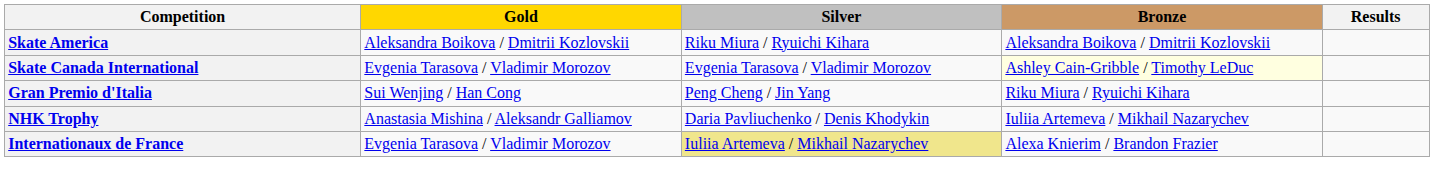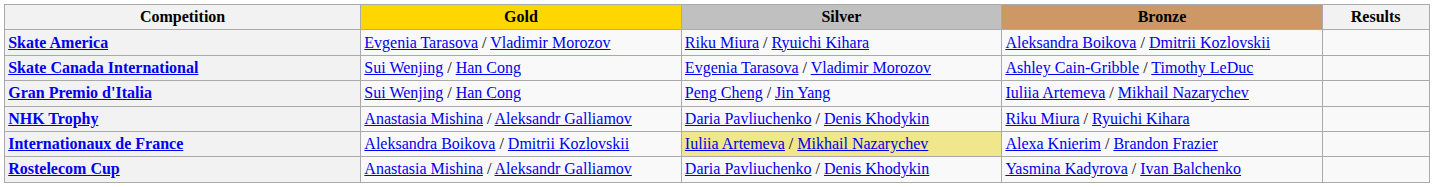 <table class="wikitable unsortable" style="text-align:left; width:90%">
 <tr>
 <th scope="col" style="text-align:center; width:25%;">Competition</th>
 <td scope="col" style="text-align:center; width:22.5%; background:gold"><strong>Gold</strong></td>
 <td scope="col" style="text-align:center; width:22.5%; background:silver"><strong>Silver</strong></td>
 <td scope="col" style="text-align:center; width:22.5%; background:#c96"><strong>Bronze</strong></td>
 <th scope="col" style="text-align:center; width:7.5%;">Results</th>
 </tr>
 <tr>
 <th scope="row" style="text-align:left"> <a href='#'>Skate America</a></th>
-<td> <a href='#'>Aleksandra Boikova</a> / <a href='#'>Dmitrii Kozlovskii</a></td>
+<td> <a href='#'>Evgenia Tarasova</a> / <a href='#'>Vladimir Morozov</a></td>
 <td> <a href='#'>Riku Miura</a> / <a href='#'>Ryuichi Kihara</a></td>
 <td> <a href='#'>Aleksandra Boikova</a> / <a href='#'>Dmitrii Kozlovskii</a></td>
 <td></td>
 </tr>
 <tr>
 <th scope="row" style="text-align:left"> <a href='#'>Skate Canada International</a></th>
+<td> <a href='#'>Sui Wenjing</a> / <a href='#'>Han Cong</a></td>
 <td> <a href='#'>Evgenia Tarasova</a> / <a href='#'>Vladimir Morozov</a></td>
-<td> <a href='#'>Evgenia Tarasova</a> / <a href='#'>Vladimir Morozov</a></td>
-<td style="background: lightyellow;"> <a href='#'>Ashley Cain-Gribble</a> / <a href='#'>Timothy LeDuc</a></td>
+<td> <a href='#'>Ashley Cain-Gribble</a> / <a href='#'>Timothy LeDuc</a></td>
 <td></td>
 </tr>
 <tr>
 <th scope="row" style="text-align:left"> <a href='#'>Gran Premio d'Italia</a></th>
 <td> <a href='#'>Sui Wenjing</a> / <a href='#'>Han Cong</a></td>
 <td> <a href='#'>Peng Cheng</a> / <a href='#'>Jin Yang</a></td>
-<td> <a href='#'>Riku Miura</a> / <a href='#'>Ryuichi Kihara</a></td>
+<td> <a href='#'>Iuliia Artemeva</a> / <a href='#'>Mikhail Nazarychev</a></td>
 <td></td>
 </tr>
 <tr>
 <th scope="row" style="text-align:left"> <a href='#'>NHK Trophy</a></th>
 <td> <a href='#'>Anastasia Mishina</a> / <a href='#'>Aleksandr Galliamov</a></td>
 <td> <a href='#'>Daria Pavliuchenko</a> / <a href='#'>Denis Khodykin</a></td>
-<td> <a href='#'>Iuliia Artemeva</a> / <a href='#'>Mikhail Nazarychev</a></td>
+<td> <a href='#'>Riku Miura</a> / <a href='#'>Ryuichi Kihara</a></td>
 <td></td>
 </tr>
 <tr>
 <th scope="row" style="text-align:left"> <a href='#'>Internationaux de France</a></th>
-<td> <a href='#'>Evgenia Tarasova</a> / <a href='#'>Vladimir Morozov</a></td>
+<td> <a href='#'>Aleksandra Boikova</a> / <a href='#'>Dmitrii Kozlovskii</a></td>
 <td style="background: khaki;"> <a href='#'>Iuliia Artemeva</a> / <a href='#'>Mikhail Nazarychev</a></td>
 <td> <a href='#'>Alexa Knierim</a> / <a href='#'>Brandon Frazier</a></td>
 <td></td>
 </tr>
+<tr>
+<th scope="row" style="text-align:left"> <a href='#'>Rostelecom Cup</a></th>
+<td> <a href='#'>Anastasia Mishina</a> / <a href='#'>Aleksandr Galliamov</a></td>
+<td> <a href='#'>Daria Pavliuchenko</a> / <a href='#'>Denis Khodykin</a></td>
+<td> <a href='#'>Yasmina Kadyrova</a> / <a href='#'>Ivan Balchenko</a></td>
+<td></td>
+</tr>
 </table>
